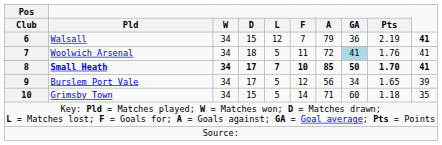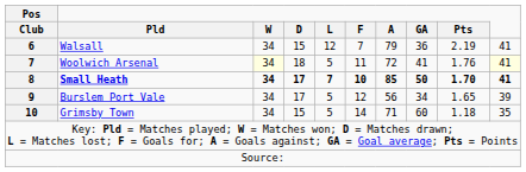 <table class="wikitable" style="text-align:center">
 <tr>
 <th scope=col>Pos</th>
 </tr>
 <tr>
 <th scope=col>Club</th>
 <th scope=col>Pld</th>
 <th scope=col>W</th>
 <th scope=col>D</th>
 <th scope=col>L</th>
 <th scope=col>F</th>
 <th scope=col>A</th>
 <th scope=col>GA</th>
 <th scope=col>Pts</th>
 </tr>
 <tr>
 <th scope=row>6</th>
 <td style=text-align:left><a href='#'>Walsall</a></td>
 <td>34</td>
 <td>15</td>
 <td>12</td>
 <td>7</td>
 <td>79</td>
 <td>36</td>
 <td>2.19</td>
-<td><strong>41</strong></td>
+<td>41</td>
 </tr>
 <tr>
 <th scope=row>7</th>
 <td style=text-align:left><a href='#'>Woolwich Arsenal</a></td>
-<td>34</td>
+<td style="background: lightyellow;">34</td>
 <td>18</td>
 <td>5</td>
 <td>11</td>
 <td>72</td>
-<td style="background: lightblue;">41</td>
+<td>41</td>
 <td>1.76</td>
-<td>41</td>
+<td style="background: lightyellow;">41</td>
 </tr>
 <tr style=font-weight:bold>
 <th scope=row>8</th>
 <td style=text-align:left><a href='#'>Small Heath</a></td>
 <td>34</td>
 <td>17</td>
 <td>7</td>
 <td>10</td>
 <td>85</td>
 <td>50</td>
 <td>1.70</td>
 <td>41</td>
 </tr>
 <tr>
 <th scope=row>9</th>
 <td style=text-align:left><a href='#'>Burslem Port Vale</a></td>
 <td>34</td>
 <td>17</td>
 <td>5</td>
 <td>12</td>
 <td>56</td>
 <td>34</td>
 <td>1.65</td>
 <td>39</td>
 </tr>
 <tr>
 <th scope=row>10</th>
 <td style=text-align:left><a href='#'>Grimsby Town</a></td>
 <td>34</td>
 <td>15</td>
 <td>5</td>
 <td>14</td>
 <td>71</td>
 <td>60</td>
 <td>1.18</td>
 <td>35</td>
 </tr>
 <tr>
 <td colspan=10>Key: <strong>Pld</strong> = Matches played; <strong>W</strong> = Matches won; <strong>D</strong> = Matches drawn;<br><strong>L</strong> = Matches lost; <strong>F</strong> = Goals for; <strong>A</strong> = Goals against; <strong>GA</strong> = <a href='#'>Goal average</a>; <strong>Pts</strong> = Points</td>
 </tr>
 <tr>
 <td colspan=10>Source:</td>
 </tr>
 </table>
